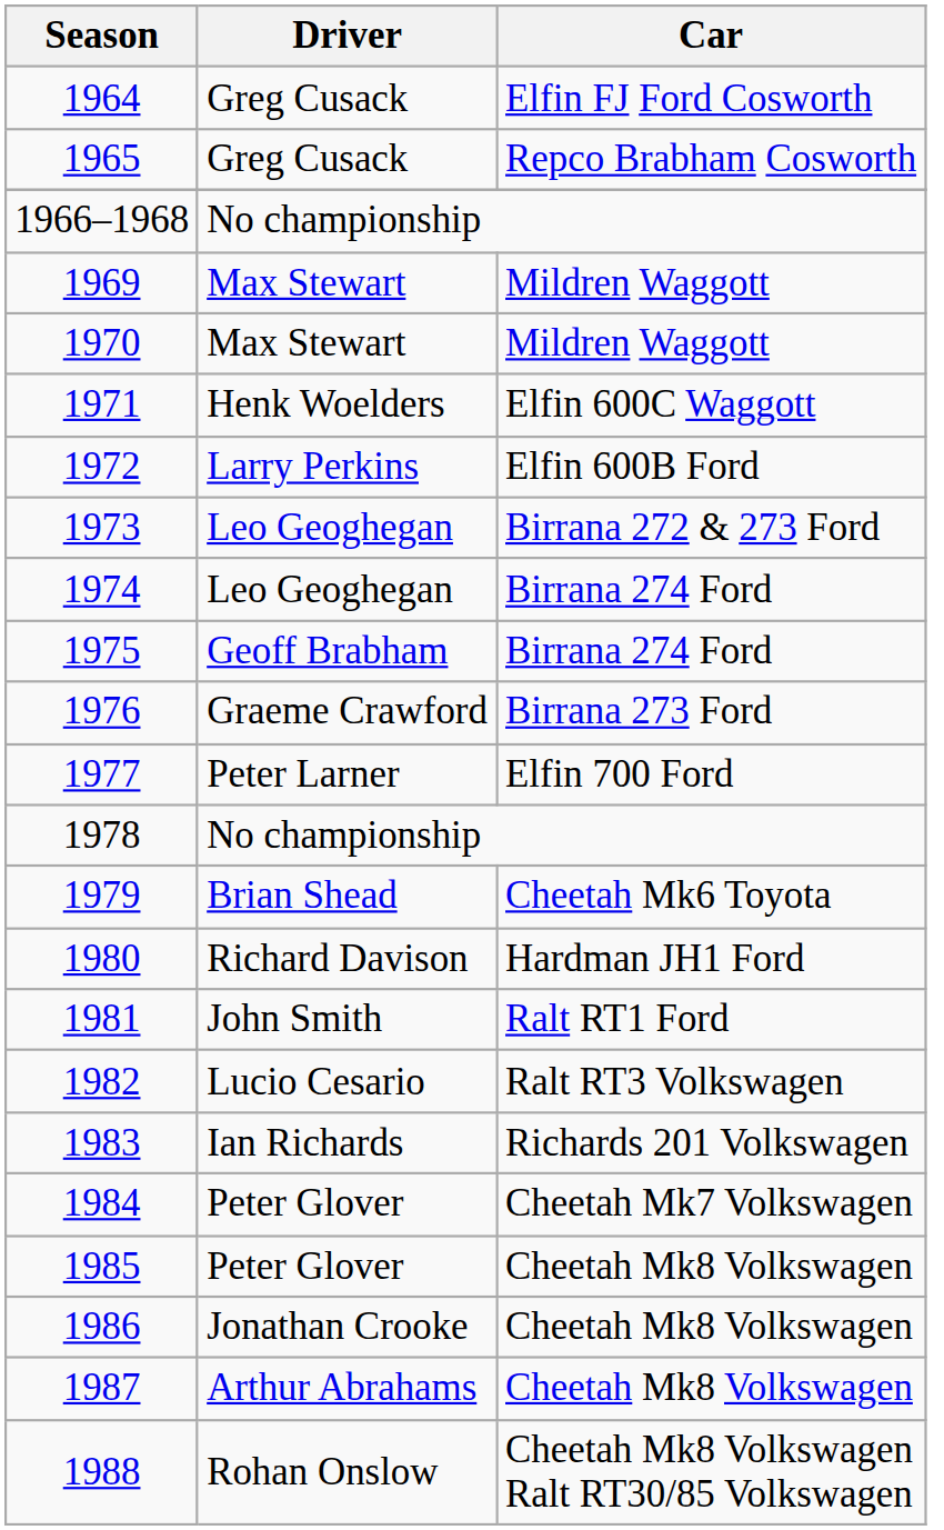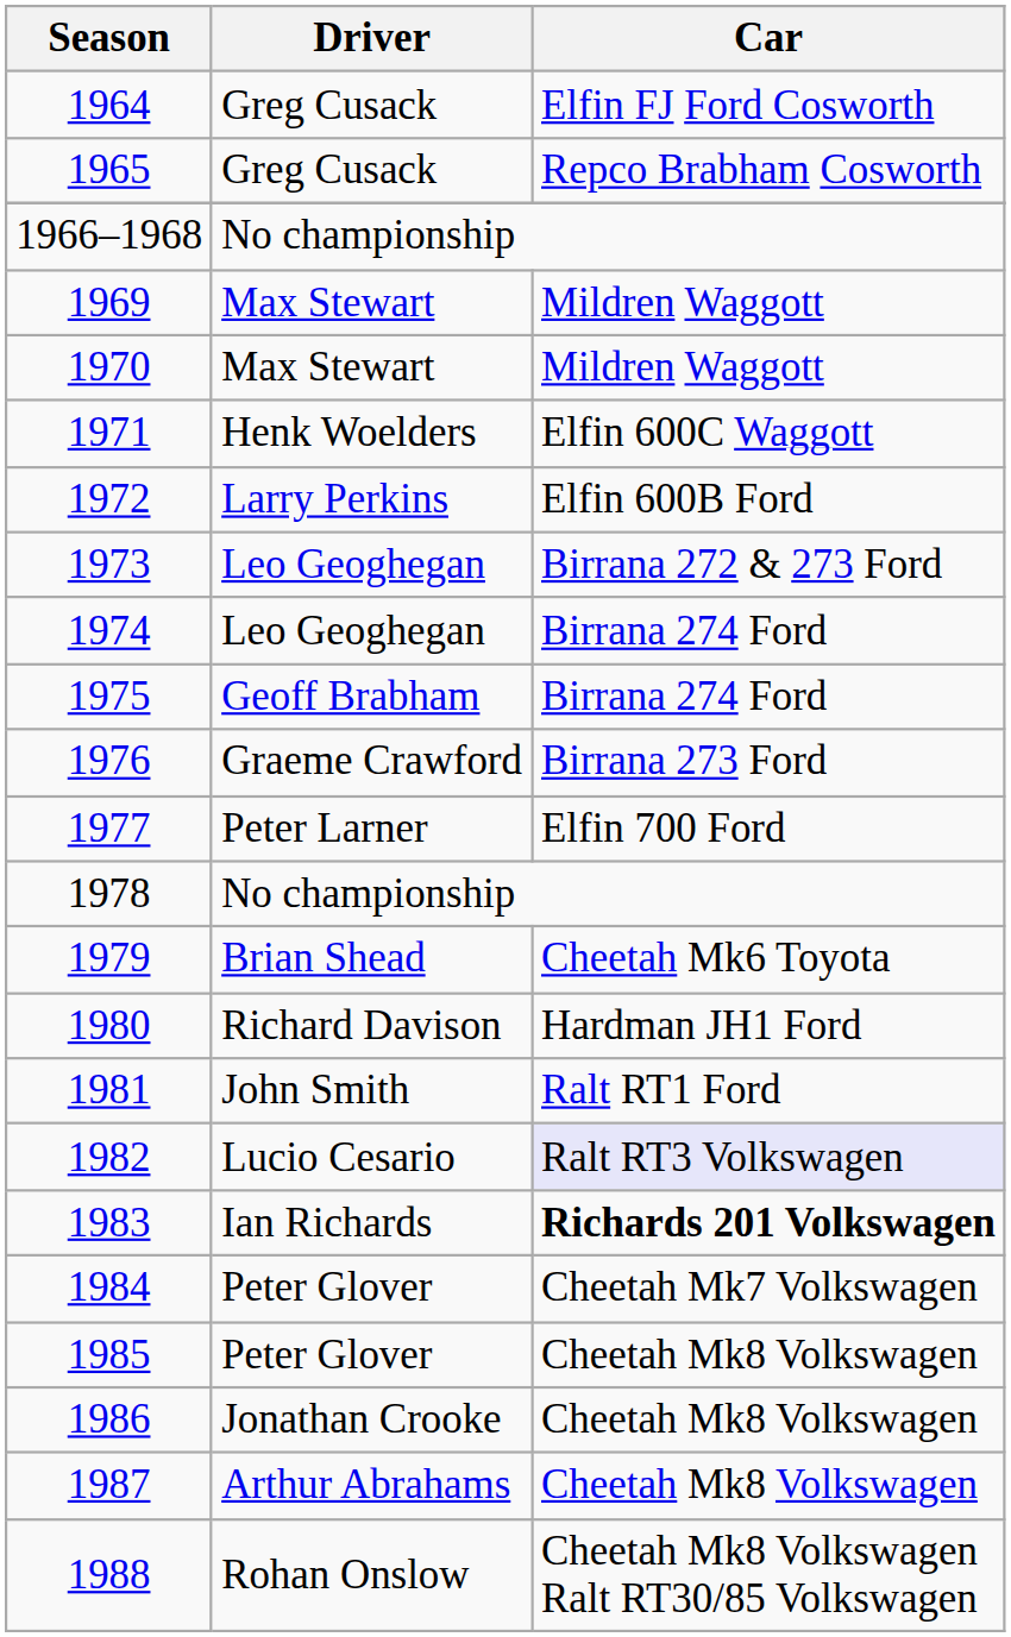 <table class="wikitable">
 <tr>
 <th>Season</th>
 <th>Driver</th>
 <th>Car</th>
 </tr>
 <tr align="center">
 <td><a href='#'>1964</a></td>
 <td align="left">Greg Cusack</td>
 <td align="left"><a href='#'>Elfin FJ</a> <a href='#'>Ford Cosworth</a></td>
 </tr>
 <tr align="center">
 <td><a href='#'>1965</a></td>
 <td align="left">Greg Cusack</td>
 <td align="left"><a href='#'>Repco Brabham</a> <a href='#'>Cosworth</a></td>
 </tr>
 <tr align="center">
 </tr>
 <tr align="center">
 <td>1966–1968</td>
 <td align="left" colspan="2">No championship</td>
 </tr>
 <tr align="center">
 <td><a href='#'>1969</a></td>
 <td align="left"><a href='#'>Max Stewart</a></td>
 <td align="left"><a href='#'>Mildren</a> <a href='#'>Waggott</a></td>
 </tr>
 <tr align="center">
 <td><a href='#'>1970</a></td>
 <td align="left">Max Stewart</td>
 <td align="left"><a href='#'>Mildren</a> <a href='#'>Waggott</a></td>
 </tr>
 <tr align="center">
 <td><a href='#'>1971</a></td>
 <td align="left">Henk Woelders</td>
 <td align="left">Elfin 600C <a href='#'>Waggott</a></td>
 </tr>
 <tr align="center">
 <td><a href='#'>1972</a></td>
 <td align="left"><a href='#'>Larry Perkins</a></td>
 <td align="left">Elfin 600B Ford</td>
 </tr>
 <tr align="center">
 <td><a href='#'>1973</a></td>
 <td align="left"><a href='#'>Leo Geoghegan</a></td>
 <td align="left"><a href='#'>Birrana 272</a> & <a href='#'>273</a> Ford</td>
 </tr>
 <tr align="center">
 <td><a href='#'>1974</a></td>
 <td align="left">Leo Geoghegan</td>
 <td align="left"><a href='#'>Birrana 274</a> Ford</td>
 </tr>
 <tr align="center">
 <td><a href='#'>1975</a></td>
 <td align="left"><a href='#'>Geoff Brabham</a></td>
 <td align="left"><a href='#'>Birrana 274</a> Ford</td>
 </tr>
 <tr align="center">
 <td><a href='#'>1976</a></td>
 <td align="left">Graeme Crawford</td>
 <td align="left"><a href='#'>Birrana 273</a> Ford</td>
 </tr>
 <tr align="center">
 <td><a href='#'>1977</a></td>
 <td align="left">Peter Larner</td>
 <td align="left">Elfin 700 Ford</td>
 </tr>
 <tr align="center">
 <td>1978</td>
 <td align="left" colspan="2">No championship</td>
 </tr>
 <tr align="center">
 <td><a href='#'>1979</a></td>
 <td align="left"><a href='#'>Brian Shead</a></td>
 <td align="left"><a href='#'>Cheetah</a> Mk6 Toyota</td>
 </tr>
 <tr align="center">
 <td><a href='#'>1980</a></td>
 <td align="left">Richard Davison</td>
 <td align="left">Hardman JH1 Ford</td>
 </tr>
 <tr align="center">
 <td><a href='#'>1981</a></td>
 <td align="left">John Smith</td>
 <td align="left"><a href='#'>Ralt</a> RT1 Ford</td>
 </tr>
 <tr align="center">
 <td><a href='#'>1982</a></td>
 <td align="left">Lucio Cesario</td>
-<td align="left">Ralt RT3 Volkswagen</td>
+<td align="left" style="background: lavender;">Ralt RT3 Volkswagen</td>
 </tr>
 <tr align="center">
 <td><a href='#'>1983</a></td>
 <td align="left">Ian Richards</td>
-<td align="left">Richards 201 Volkswagen</td>
+<td align="left"><strong>Richards 201 Volkswagen</strong></td>
 </tr>
 <tr align="center">
 <td><a href='#'>1984</a></td>
 <td align="left">Peter Glover</td>
 <td align="left">Cheetah Mk7 Volkswagen</td>
 </tr>
 <tr align="center">
 <td><a href='#'>1985</a></td>
 <td align="left">Peter Glover</td>
 <td align="left">Cheetah Mk8 Volkswagen</td>
 </tr>
 <tr align="center">
 <td><a href='#'>1986</a></td>
 <td align="left">Jonathan Crooke</td>
 <td align="left">Cheetah Mk8 Volkswagen</td>
 </tr>
 <tr align="center">
 <td><a href='#'>1987</a></td>
 <td align="left"><a href='#'>Arthur Abrahams</a></td>
 <td align="left"><a href='#'>Cheetah</a> Mk8 <a href='#'>Volkswagen</a></td>
 </tr>
 <tr align="center">
 <td><a href='#'>1988</a></td>
 <td align="left">Rohan Onslow</td>
 <td align="left">Cheetah Mk8 Volkswagen<br>Ralt RT30/85 Volkswagen</td>
 </tr>
 </table>
